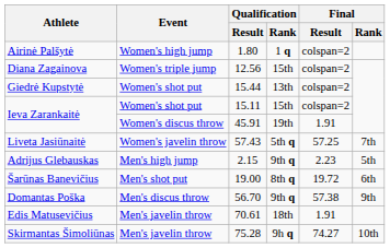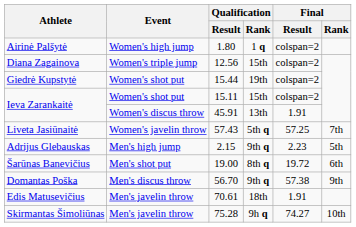 <table class=wikitable>
 <tr>
 <th rowspan="2">Athlete</th>
 <th rowspan="2">Event</th>
 <th colspan="2">Qualification</th>
 <th colspan="2">Final</th>
 </tr>
 <tr>
 <th>Result</th>
 <th>Rank</th>
 <th>Result</th>
 <th>Rank</th>
 </tr>
 <tr style=text-align:center>
 <td style=text-align:left><a href='#'>Airinė Palšytė</a></td>
 <td style=text-align:left><a href='#'>Women's high jump</a></td>
 <td>1.80</td>
 <td>1 <strong>q</strong></td>
 <td>colspan=2 </td>
 <td></td>
 </tr>
 <tr style=text-align:center>
 <td style=text-align:left><a href='#'>Diana Zagainova</a></td>
 <td style=text-align:left><a href='#'>Women's triple jump</a></td>
 <td>12.56</td>
 <td>15th</td>
 <td>colspan=2 </td>
 </tr>
 <tr style=text-align:center>
 <td style=text-align:left><a href='#'>Giedrė Kupstytė</a></td>
 <td style=text-align:left><a href='#'>Women's shot put</a></td>
 <td>15.44</td>
-<td>13th</td>
+<td>19th</td>
 <td>colspan=2 </td>
 </tr>
 <tr style=text-align:center>
 <td style=text-align:left rowspan=2><a href='#'>Ieva Zarankaitė</a></td>
 <td style=text-align:left><a href='#'>Women's shot put</a></td>
 <td>15.11</td>
 <td>15th</td>
 <td>colspan=2 </td>
 </tr>
 <tr style=text-align:center>
 <td style=text-align:left><a href='#'>Women's discus throw</a></td>
 <td>45.91</td>
-<td>19th</td>
+<td>13th</td>
 <td>1.91</td>
 </tr>
 <tr style=text-align:center>
 <td style=text-align:left><a href='#'>Liveta Jasiūnaitė</a></td>
 <td style=text-align:left><a href='#'>Women's javelin throw</a></td>
 <td>57.43</td>
 <td>5th <strong>q</strong></td>
 <td>57.25</td>
 <td>7th</td>
 </tr>
 <tr style=text-align:center>
 <td style=text-align:left><a href='#'>Adrijus Glebauskas</a></td>
 <td style=text-align:left><a href='#'>Men's high jump</a></td>
 <td>2.15</td>
 <td>9th <strong>q</strong></td>
 <td>2.23</td>
 <td>5th</td>
 </tr>
 <tr style=text-align:center>
 <td style=text-align:left><a href='#'>Šarūnas Banevičius</a></td>
 <td style=text-align:left><a href='#'>Men's shot put</a></td>
 <td>19.00</td>
 <td>8th <strong>q</strong></td>
 <td>19.72</td>
 <td>6th</td>
 </tr>
 <tr style=text-align:center>
 <td style=text-align:left><a href='#'>Domantas Poška</a></td>
 <td style=text-align:left><a href='#'>Men's discus throw</a></td>
 <td>56.70</td>
 <td>9th <strong>q</strong></td>
 <td>57.38</td>
 <td>9th</td>
 </tr>
 <tr style=text-align:center>
 <td style=text-align:left><a href='#'>Edis Matusevičius</a></td>
 <td style=text-align:left><a href='#'>Men's javelin throw</a></td>
 <td>70.61</td>
 <td>18th</td>
 <td>1.91</td>
 </tr>
 <tr style=text-align:center>
 <td style=text-align:left><a href='#'>Skirmantas Šimoliūnas</a></td>
 <td style=text-align:left><a href='#'>Men's javelin throw</a></td>
 <td>75.28</td>
 <td>9h <strong>q</strong></td>
 <td>74.27</td>
 <td>10th</td>
 </tr>
 </table>
